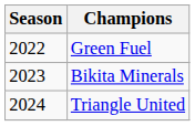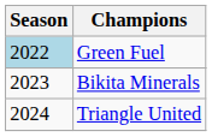 <table class="wikitable sortable">
 <tr>
 <th>Season</th>
 <th>Champions</th>
 </tr>
 <tr>
-<td>2022</td>
+<td style="background: lightblue;">2022</td>
 <td><a href='#'>Green Fuel</a></td>
 </tr>
 <tr>
 </tr>
 <tr>
 <td>2023</td>
 <td><a href='#'>Bikita Minerals</a></td>
 </tr>
 <tr>
 <td>2024</td>
 <td><a href='#'>Triangle United</a></td>
 </tr>
 <tr>
 </tr>
 </table>
